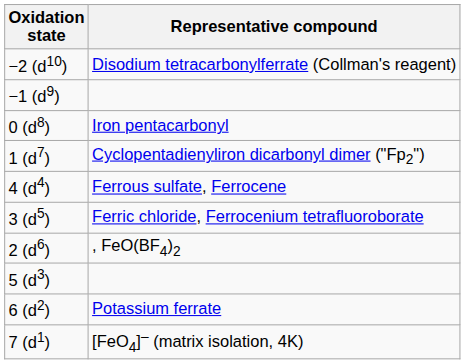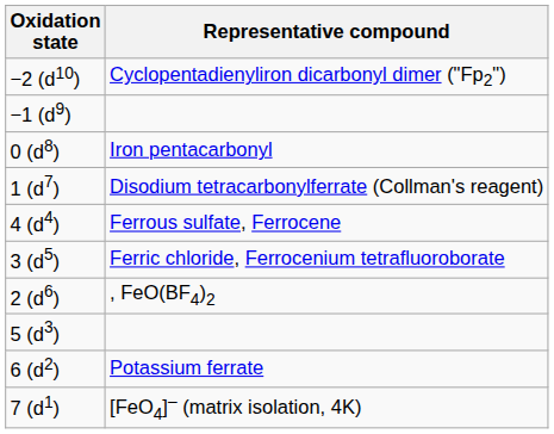 <table class="wikitable" style="float:right; clear:right; margin-left:1em; margin-top:0;">
 <tr>
 <th>Oxidation <br>state</th>
 <th>Representative compound</th>
 </tr>
 <tr>
 <td>−2 (d<sup>10</sup>)</td>
-<td><a href='#'>Disodium tetracarbonylferrate</a> (Collman's reagent)</td>
+<td><a href='#'>Cyclopentadienyliron dicarbonyl dimer</a> ("Fp<sub>2</sub>")</td>
 </tr>
 <tr>
 <td>−1 (d<sup>9</sup>)</td>
 <td></td>
 </tr>
 <tr>
 <td>0 (d<sup>8</sup>)</td>
 <td><a href='#'>Iron pentacarbonyl</a></td>
 </tr>
 <tr>
 <td>1 (d<sup>7</sup>)</td>
-<td><a href='#'>Cyclopentadienyliron dicarbonyl dimer</a> ("Fp<sub>2</sub>")</td>
+<td><a href='#'>Disodium tetracarbonylferrate</a> (Collman's reagent)</td>
 </tr>
 <tr>
 <td>4 (d<sup>4</sup>)</td>
 <td><a href='#'>Ferrous sulfate</a>, <a href='#'>Ferrocene</a></td>
 </tr>
 <tr>
 <td>3 (d<sup>5</sup>)</td>
 <td><a href='#'>Ferric chloride</a>, <a href='#'>Ferrocenium tetrafluoroborate</a></td>
 </tr>
 <tr>
 <td>2 (d<sup>6</sup>)</td>
 <td>, FeO(BF<sub>4</sub>)<sub>2</sub></td>
 </tr>
 <tr>
 <td>5 (d<sup>3</sup>)</td>
 <td></td>
 </tr>
 <tr>
 <td>6 (d<sup>2</sup>)</td>
 <td><a href='#'>Potassium ferrate</a></td>
 </tr>
 <tr>
 <td>7 (d<sup>1</sup>)</td>
 <td>[FeO<sub>4</sub>]<sup>–</sup> (matrix isolation, 4K)</td>
 </tr>
 </table>
